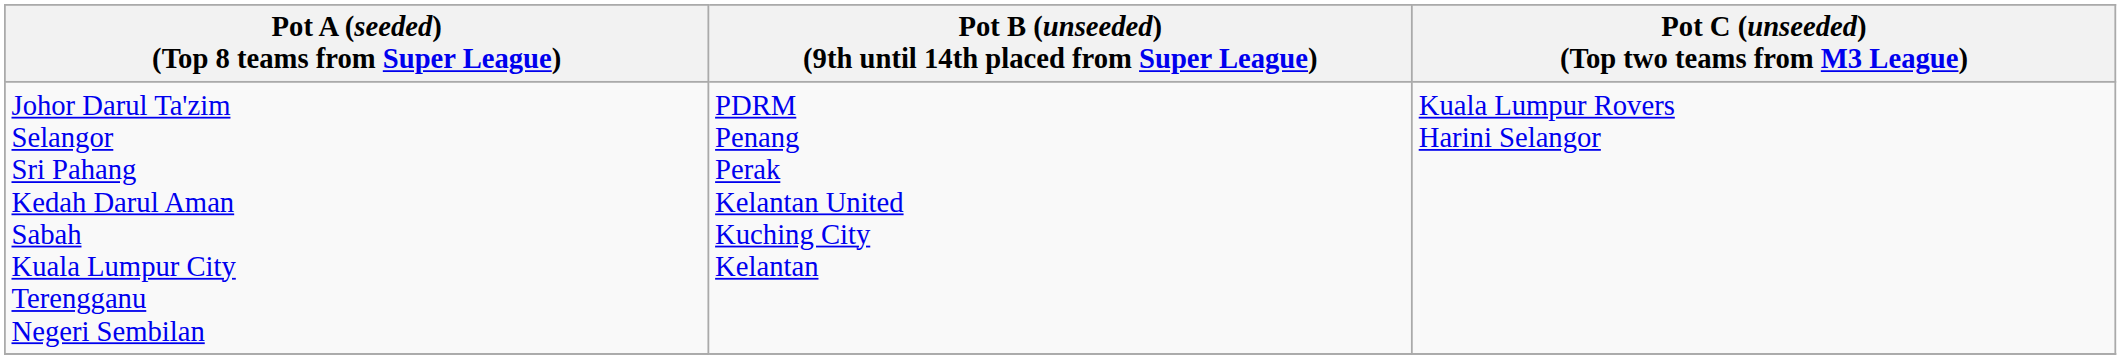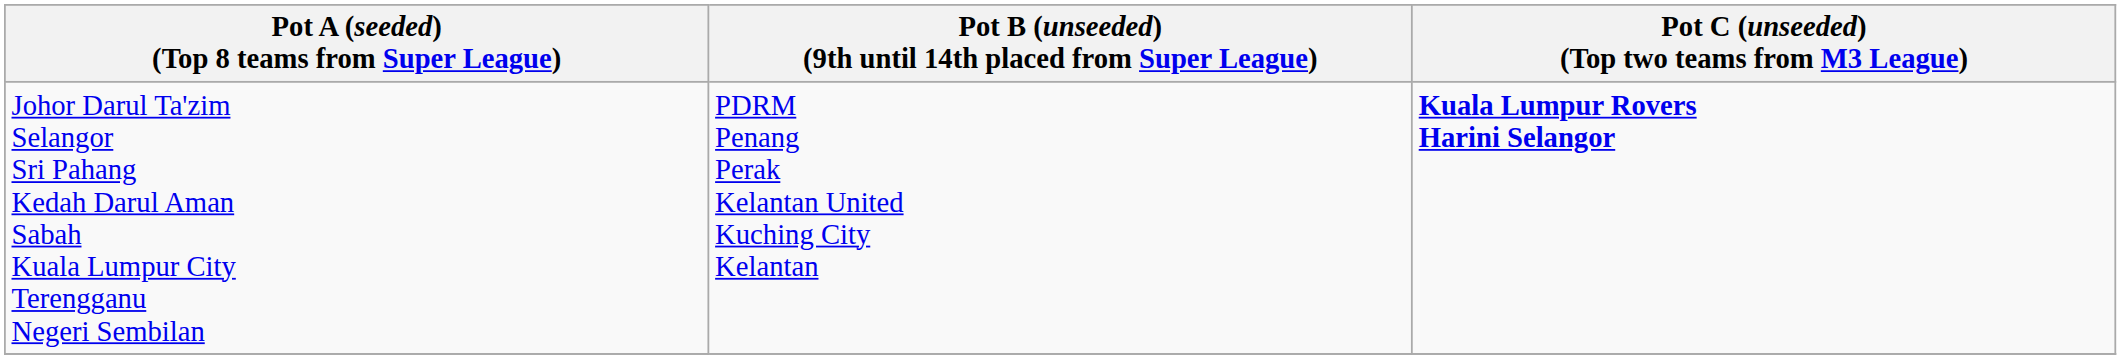 <table class=wikitable>
 <tr>
 <th width="25%">Pot A (<em>seeded</em>) <br> (Top 8 teams from <a href='#'>Super League</a>)</th>
 <th width="25%">Pot B (<em>unseeded</em>) <br> (9th until 14th placed from <a href='#'>Super League</a>)</th>
 <th width="25%">Pot C (<em>unseeded</em>)<br> (Top two teams from <a href='#'>M3 League</a>)</th>
 </tr>
 <tr valign=top>
 <td rowspan=1><a href='#'>Johor Darul Ta'zim</a><br><a href='#'>Selangor</a><br><a href='#'>Sri Pahang</a><br><a href='#'>Kedah Darul Aman</a><br><a href='#'>Sabah</a><br><a href='#'>Kuala Lumpur City</a><br><a href='#'>Terengganu</a><br><a href='#'>Negeri Sembilan</a></td>
 <td rowspan=1><a href='#'>PDRM</a><br><a href='#'>Penang</a><br><a href='#'>Perak</a><br><a href='#'>Kelantan United</a><br><a href='#'>Kuching City</a><br><a href='#'>Kelantan</a></td>
-<td rowspan=1><a href='#'>Kuala Lumpur Rovers</a><br><a href='#'>Harini Selangor</a></td>
+<td rowspan=1><strong><a href='#'>Kuala Lumpur Rovers</a><br><a href='#'>Harini Selangor</a></strong></td>
 </tr>
 <tr>
 </tr>
 </table>
